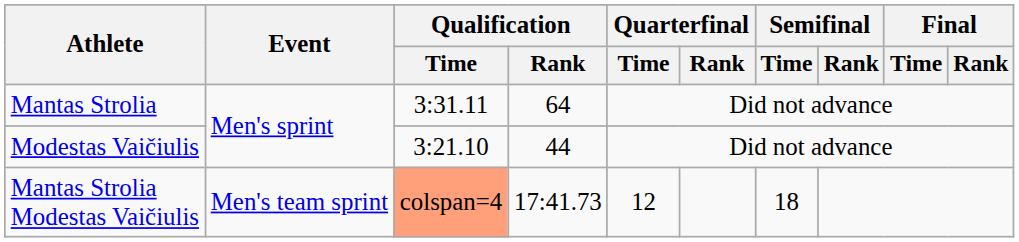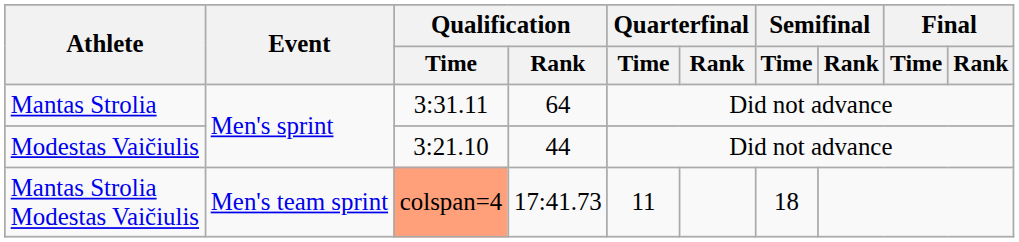 <table class="wikitable" style="font-size:90%">
 <tr>
 <th rowspan="2">Athlete</th>
 <th rowspan="2">Event</th>
 <th colspan="2">Qualification</th>
 <th colspan="2">Quarterfinal</th>
 <th colspan="2">Semifinal</th>
 <th colspan="2">Final</th>
 </tr>
 <tr style="font-size:95%">
 <th>Time</th>
 <th>Rank</th>
 <th>Time</th>
 <th>Rank</th>
 <th>Time</th>
 <th>Rank</th>
 <th>Time</th>
 <th>Rank</th>
 </tr>
 <tr align=center>
 <td align=left><a href='#'>Mantas Strolia</a></td>
 <td align=left rowspan=2><a href='#'>Men's sprint</a></td>
 <td>3:31.11</td>
 <td>64</td>
 <td colspan=6>Did not advance</td>
 </tr>
 <tr align=center>
 <td align=left><a href='#'>Modestas Vaičiulis</a></td>
 <td>3:21.10</td>
 <td>44</td>
 <td colspan=6>Did not advance</td>
 </tr>
 <tr align=center>
 <td align=left><a href='#'>Mantas Strolia</a><br><a href='#'>Modestas Vaičiulis</a></td>
 <td align=left><a href='#'>Men's team sprint</a></td>
 <td style="background: lightsalmon;">colspan=4 </td>
 <td>17:41.73</td>
-<td>12</td>
+<td>11</td>
 <td></td>
 <td>18</td>
 </tr>
 </table>
